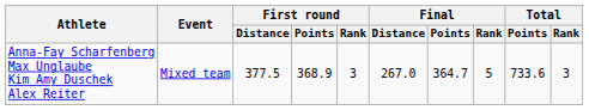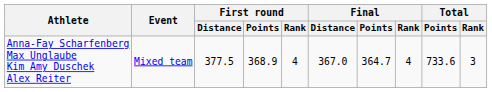 <table class="wikitable" style="font-size:90%">
 <tr>
 <th rowspan=2>Athlete</th>
 <th rowspan=2>Event</th>
 <th colspan=3>First round</th>
 <th colspan=3>Final</th>
 <th colspan=2>Total</th>
 </tr>
 <tr style="font-size:95%">
 <th>Distance</th>
 <th>Points</th>
 <th>Rank</th>
 <th>Distance</th>
 <th>Points</th>
 <th>Rank</th>
 <th>Points</th>
 <th>Rank</th>
 </tr>
 <tr align=center>
 <td align=left><a href='#'>Anna-Fay Scharfenberg</a><br><a href='#'>Max Unglaube</a><br><a href='#'>Kim Amy Duschek</a><br><a href='#'>Alex Reiter</a></td>
 <td align=left><a href='#'>Mixed team</a></td>
 <td>377.5</td>
 <td>368.9</td>
-<td>3</td>
-<td>267.0</td>
+<td>4</td>
+<td>367.0</td>
 <td>364.7</td>
-<td>5</td>
+<td>4</td>
 <td>733.6</td>
 <td>3</td>
 </tr>
 </table>
